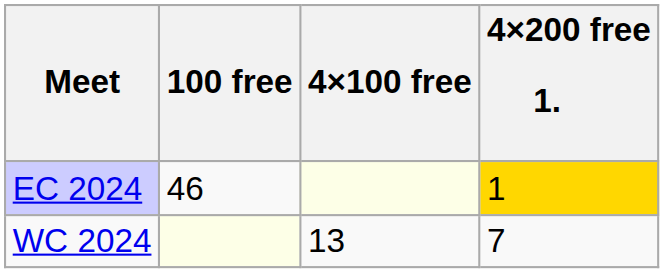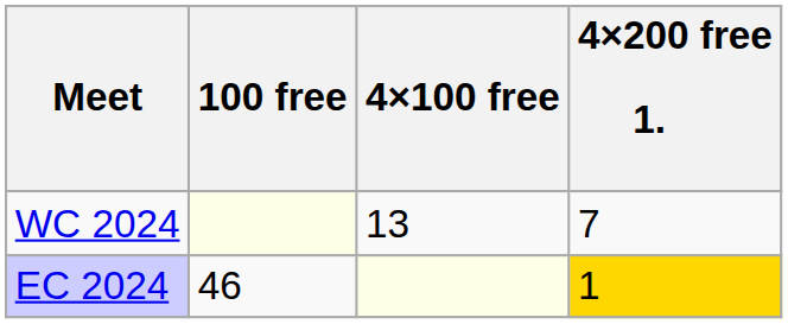 <table class="sortable wikitable">
 <tr>
 <th>Meet</th>
 <th class="unsortable">100 free</th>
 <th class="unsortable">4×100 free</th>
 <th class="unsortable">4×200 free<br><ol><li></li></ol></th>
 </tr>
 <tr>
+<td><a href='#'>WC 2024</a></td>
+<td style="background:#fdffe7"></td>
+<td>13</td>
+<td>7</td>
+</tr>
+<tr>
 <td style="background:#ccccff"><a href='#'>EC 2024</a></td>
 <td>46</td>
 <td style="background:#fdffe7"></td>
 <td style="background:gold">1</td>
 </tr>
-<tr>
-<td><a href='#'>WC 2024</a></td>
-<td style="background:#fdffe7"></td>
-<td>13</td>
-<td>7</td>
-</tr>
 </table>
